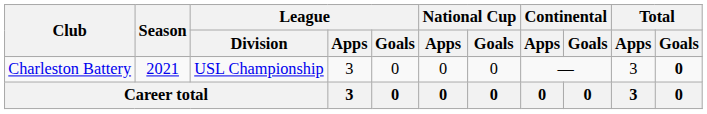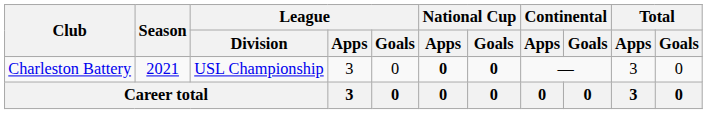 <table class=wikitable style=text-align:center>
 <tr>
 <th rowspan=2>Club</th>
 <th rowspan=2>Season</th>
 <th colspan=3>League</th>
 <th colspan=2>National Cup</th>
 <th colspan=2>Continental</th>
 <th colspan=2>Total</th>
 </tr>
 <tr>
 <th>Division</th>
 <th>Apps</th>
 <th>Goals</th>
 <th>Apps</th>
 <th>Goals</th>
 <th>Apps</th>
 <th>Goals</th>
 <th>Apps</th>
 <th>Goals</th>
 </tr>
 <tr>
 <td rowspan=1><a href='#'>Charleston Battery</a></td>
 <td><a href='#'>2021</a></td>
 <td><a href='#'>USL Championship</a></td>
 <td>3</td>
 <td>0</td>
-<td>0</td>
-<td>0</td>
+<td><strong>0</strong></td>
+<td><strong>0</strong></td>
 <td colspan=2>—</td>
 <td>3</td>
-<td><strong>0</strong></td>
+<td>0</td>
 </tr>
 <tr>
 <th colspan=3>Career total</th>
 <th>3</th>
 <th>0</th>
 <th>0</th>
 <th>0</th>
 <th>0</th>
 <th>0</th>
 <th>3</th>
 <th>0</th>
 </tr>
 </table>
